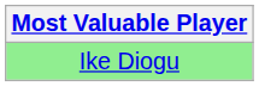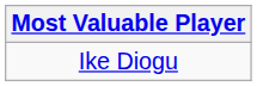 <table class=wikitable style="text-align:center; margin:auto">
 <tr>
 <th><a href='#'>Most Valuable Player</a></th>
 </tr>
 <tr>
-<td style="background: lightgreen;"> <a href='#'>Ike Diogu</a></td>
+<td> <a href='#'>Ike Diogu</a></td>
 </tr>
 </table>
